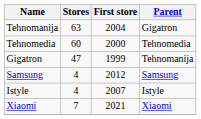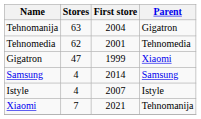 <table class="wikitable sortable">
 <tr>
 <th>Name</th>
 <th>Stores</th>
 <th>First store</th>
 <th><a href='#'>Parent</a></th>
 </tr>
 <tr>
 <td>Tehnomanija</td>
 <td style="text-align:center;">63</td>
 <td style="text-align:center;">2004</td>
 <td>Gigatron</td>
 </tr>
 <tr>
 <td>Tehnomedia</td>
-<td style="text-align:center;">60</td>
-<td style="text-align:center;">2000</td>
+<td style="text-align:center;">62</td>
+<td style="text-align:center;">2001</td>
 <td>Tehnomedia</td>
 </tr>
 <tr>
 <td>Gigatron</td>
 <td style="text-align:center;">47</td>
 <td style="text-align:center;">1999</td>
-<td>Tehnomanija</td>
+<td><a href='#'>Xiaomi</a></td>
 </tr>
 <tr>
 <td><a href='#'>Samsung</a></td>
 <td style="text-align:center;">4</td>
-<td style="text-align:center;">2012</td>
+<td style="text-align:center;">2014</td>
 <td><a href='#'>Samsung</a></td>
 </tr>
 <tr>
 <td>Istyle</td>
 <td style="text-align:center;">4</td>
 <td style="text-align:center;">2007</td>
 <td>Istyle</td>
 </tr>
 <tr>
 <td><a href='#'>Xiaomi</a></td>
 <td style="text-align:center;">7</td>
 <td style="text-align:center;">2021</td>
-<td><a href='#'>Xiaomi</a></td>
+<td>Tehnomanija</td>
 </tr>
 <tr>
 </tr>
 </table>
